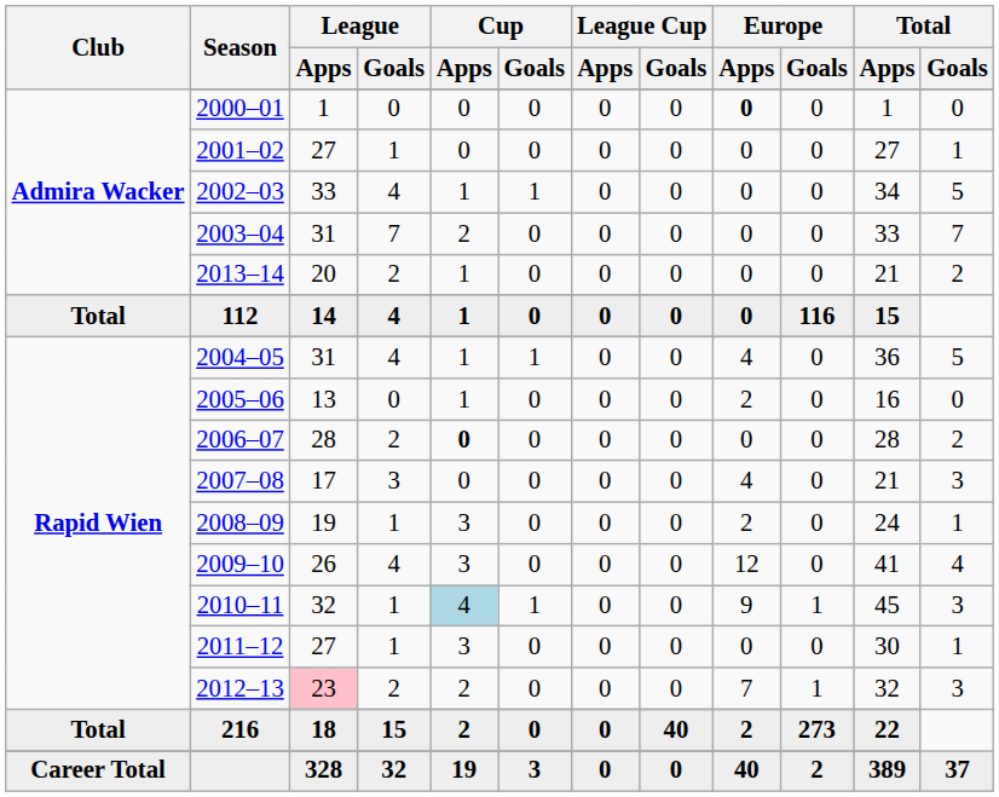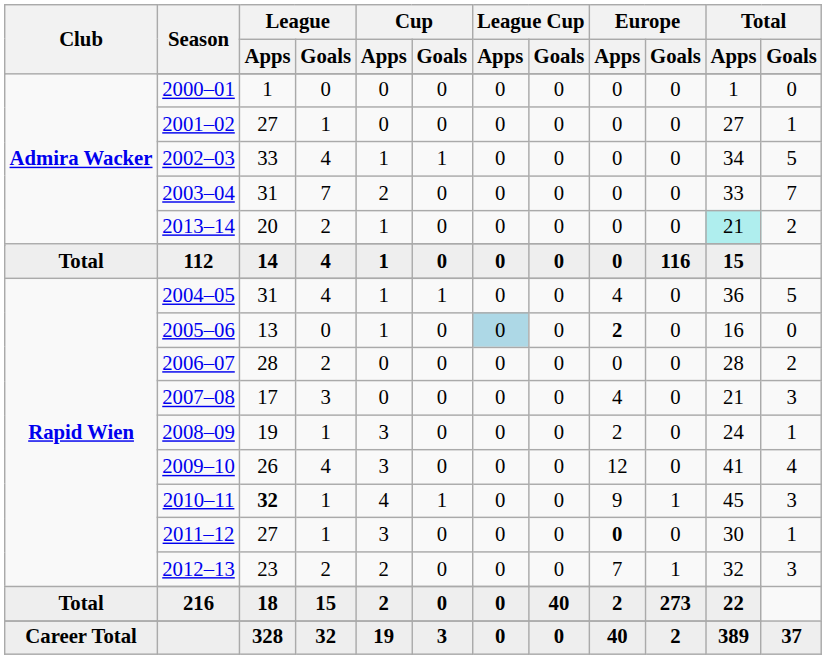 <table class="wikitable" style="font-size:90%; text-align: center;">
 <tr>
 <th rowspan="2">Club</th>
 <th rowspan="2">Season</th>
 <th colspan="2">League</th>
 <th colspan="2">Cup</th>
 <th colspan="2">League Cup</th>
 <th colspan="2">Europe</th>
 <th colspan="2">Total</th>
 </tr>
 <tr>
 <th>Apps</th>
 <th>Goals</th>
 <th>Apps</th>
 <th>Goals</th>
 <th>Apps</th>
 <th>Goals</th>
 <th>Apps</th>
 <th>Goals</th>
 <th>Apps</th>
 <th>Goals</th>
 </tr>
 <tr ||-||-||-|->
 <td rowspan="7" valign="center"><strong><a href='#'>Admira Wacker</a></strong></td>
 </tr>
 <tr>
 <td><a href='#'>2000–01</a></td>
 <td>1</td>
 <td>0</td>
 <td>0</td>
 <td>0</td>
 <td>0</td>
 <td>0</td>
-<td><strong>0</strong></td>
+<td>0</td>
 <td>0</td>
 <td>1</td>
 <td>0</td>
 </tr>
 <tr>
 <td><a href='#'>2001–02</a></td>
 <td>27</td>
 <td>1</td>
 <td>0</td>
 <td>0</td>
 <td>0</td>
 <td>0</td>
 <td>0</td>
 <td>0</td>
 <td>27</td>
 <td>1</td>
 </tr>
 <tr>
 <td><a href='#'>2002–03</a></td>
 <td>33</td>
 <td>4</td>
 <td>1</td>
 <td>1</td>
 <td>0</td>
 <td>0</td>
 <td>0</td>
 <td>0</td>
 <td>34</td>
 <td>5</td>
 </tr>
 <tr>
 <td><a href='#'>2003–04</a></td>
 <td>31</td>
 <td>7</td>
 <td>2</td>
 <td>0</td>
 <td>0</td>
 <td>0</td>
 <td>0</td>
 <td>0</td>
 <td>33</td>
 <td>7</td>
 </tr>
 <tr>
 <td><a href='#'>2013–14</a></td>
 <td>20</td>
 <td>2</td>
 <td>1</td>
 <td>0</td>
 <td>0</td>
 <td>0</td>
 <td>0</td>
 <td>0</td>
-<td>21</td>
+<td style="background: paleturquoise;">21</td>
 <td>2</td>
 </tr>
 <tr>
 </tr>
 <tr style="font-weight:bold; background-color:#eeeeee;">
 <td>Total</td>
 <td>112</td>
 <td>14</td>
 <td>4</td>
 <td>1</td>
 <td>0</td>
 <td>0</td>
 <td>0</td>
 <td>0</td>
 <td>116</td>
 <td>15</td>
 </tr>
 <tr>
 <td rowspan="11" valign="center"><strong><a href='#'>Rapid Wien</a></strong></td>
 </tr>
 <tr>
 <td><a href='#'>2004–05</a></td>
 <td>31</td>
 <td>4</td>
 <td>1</td>
 <td>1</td>
 <td>0</td>
 <td>0</td>
 <td>4</td>
 <td>0</td>
 <td>36</td>
 <td>5</td>
 </tr>
 <tr>
 <td><a href='#'>2005–06</a></td>
 <td>13</td>
 <td>0</td>
 <td>1</td>
 <td>0</td>
+<td style="background: lightblue;">0</td>
 <td>0</td>
-<td>0</td>
-<td>2</td>
+<td><strong>2</strong></td>
 <td>0</td>
 <td>16</td>
 <td>0</td>
 </tr>
 <tr>
 <td><a href='#'>2006–07</a></td>
 <td>28</td>
 <td>2</td>
-<td><strong>0</strong></td>
+<td>0</td>
 <td>0</td>
 <td>0</td>
 <td>0</td>
 <td>0</td>
 <td>0</td>
 <td>28</td>
 <td>2</td>
 </tr>
 <tr>
 <td><a href='#'>2007–08</a></td>
 <td>17</td>
 <td>3</td>
 <td>0</td>
 <td>0</td>
 <td>0</td>
 <td>0</td>
 <td>4</td>
 <td>0</td>
 <td>21</td>
 <td>3</td>
 </tr>
 <tr>
 <td><a href='#'>2008–09</a></td>
 <td>19</td>
 <td>1</td>
 <td>3</td>
 <td>0</td>
 <td>0</td>
 <td>0</td>
 <td>2</td>
 <td>0</td>
 <td>24</td>
 <td>1</td>
 </tr>
 <tr>
 <td><a href='#'>2009–10</a></td>
 <td>26</td>
 <td>4</td>
 <td>3</td>
 <td>0</td>
 <td>0</td>
 <td>0</td>
 <td>12</td>
 <td>0</td>
 <td>41</td>
 <td>4</td>
 </tr>
 <tr>
 <td><a href='#'>2010–11</a></td>
-<td>32</td>
+<td><strong>32</strong></td>
 <td>1</td>
-<td style="background: lightblue;">4</td>
+<td>4</td>
 <td>1</td>
 <td>0</td>
 <td>0</td>
 <td>9</td>
 <td>1</td>
 <td>45</td>
 <td>3</td>
 </tr>
 <tr>
 <td><a href='#'>2011–12</a></td>
 <td>27</td>
 <td>1</td>
 <td>3</td>
 <td>0</td>
 <td>0</td>
 <td>0</td>
-<td>0</td>
+<td><strong>0</strong></td>
 <td>0</td>
 <td>30</td>
 <td>1</td>
 </tr>
 <tr>
 <td><a href='#'>2012–13</a></td>
-<td style="background: pink;">23</td>
+<td>23</td>
 <td>2</td>
 <td>2</td>
 <td>0</td>
 <td>0</td>
 <td>0</td>
 <td>7</td>
 <td>1</td>
 <td>32</td>
 <td>3</td>
 </tr>
 <tr>
 </tr>
 <tr style="font-weight:bold; background-color:#eeeeee;">
 <td>Total</td>
 <td>216</td>
 <td>18</td>
 <td>15</td>
 <td>2</td>
 <td>0</td>
 <td>0</td>
 <td>40</td>
 <td>2</td>
 <td>273</td>
 <td>22</td>
 </tr>
 <tr>
 </tr>
 <tr style="font-weight:bold; background-color:#eeeeee;">
 <td rowspan="2" valign="top"><strong>Career Total</strong></td>
 <td></td>
 <td><strong>328</strong></td>
 <td><strong>32</strong></td>
 <td><strong>19</strong></td>
 <td><strong>3</strong></td>
 <td><strong>0</strong></td>
 <td><strong>0</strong></td>
 <td><strong>40</strong></td>
 <td><strong>2</strong></td>
 <td><strong>389</strong></td>
 <td><strong>37</strong></td>
 </tr>
 </table>
